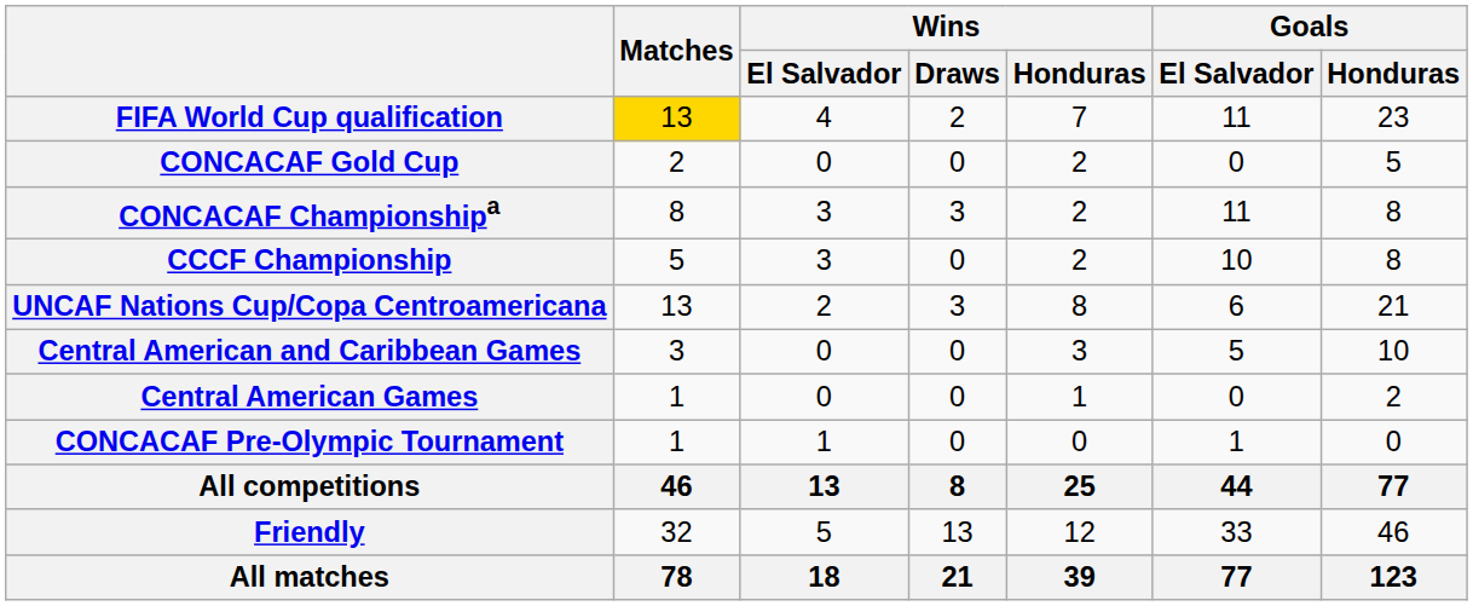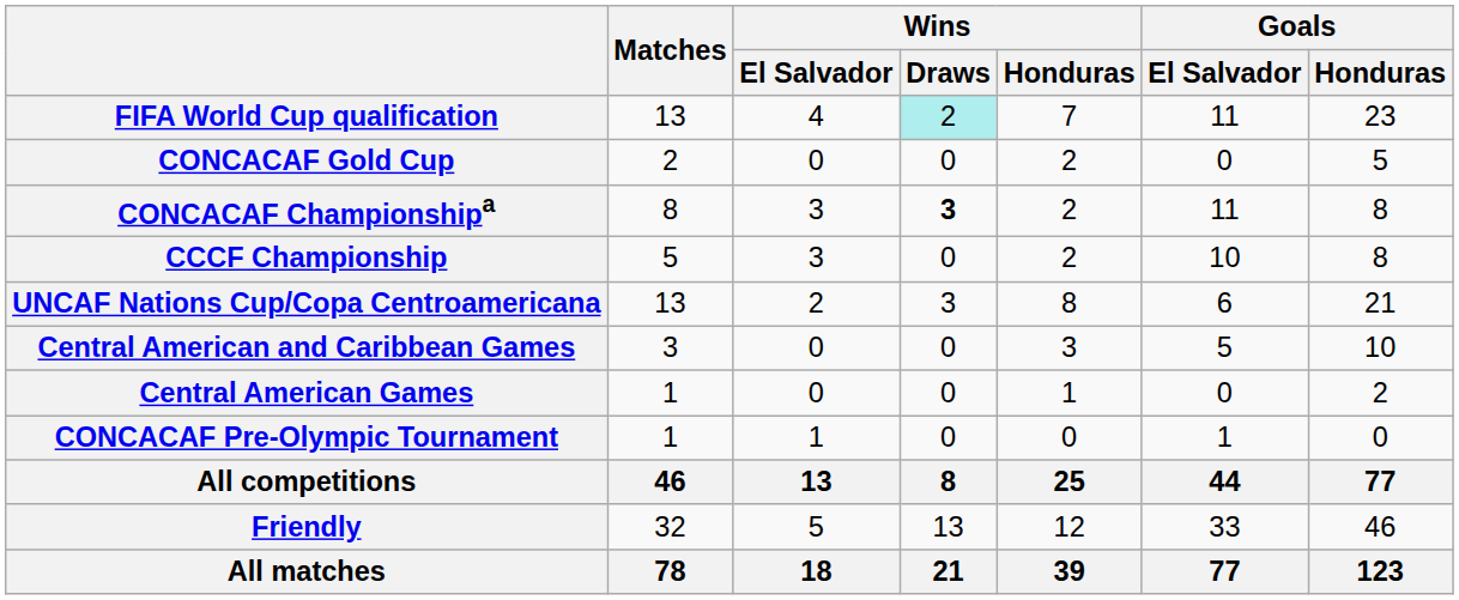 <table class="wikitable" style="text-align:center">
 <tr>
 <th rowspan="2"></th>
 <th rowspan="2">Matches</th>
 <th colspan="3">Wins</th>
 <th colspan="2">Goals</th>
 </tr>
 <tr>
 <th>El Salvador</th>
 <th>Draws</th>
 <th>Honduras</th>
 <th>El Salvador</th>
 <th>Honduras</th>
 </tr>
 <tr>
 <th scope="row"><a href='#'>FIFA World Cup qualification</a></th>
-<td style="background: gold;">13</td>
+<td>13</td>
 <td>4</td>
-<td>2</td>
+<td style="background: paleturquoise;">2</td>
 <td>7</td>
 <td>11</td>
 <td>23</td>
 </tr>
 <tr>
 <th scope="row"><a href='#'>CONCACAF Gold Cup</a></th>
 <td>2</td>
 <td>0</td>
 <td>0</td>
 <td>2</td>
 <td>0</td>
 <td>5</td>
 </tr>
 <tr>
 <th scope="row"><a href='#'>CONCACAF Championship</a><sup>a</sup></th>
 <td>8</td>
 <td>3</td>
-<td>3</td>
+<td><strong>3</strong></td>
 <td>2</td>
 <td>11</td>
 <td>8</td>
 </tr>
 <tr>
 <th scope="row"><a href='#'>CCCF Championship</a></th>
 <td>5</td>
 <td>3</td>
 <td>0</td>
 <td>2</td>
 <td>10</td>
 <td>8</td>
 </tr>
 <tr>
 <th scope="row"><a href='#'>UNCAF Nations Cup/Copa Centroamericana</a></th>
 <td>13</td>
 <td>2</td>
 <td>3</td>
 <td>8</td>
 <td>6</td>
 <td>21</td>
 </tr>
 <tr>
 <th scope="row"><a href='#'>Central American and Caribbean Games</a></th>
 <td>3</td>
 <td>0</td>
 <td>0</td>
 <td>3</td>
 <td>5</td>
 <td>10</td>
 </tr>
 <tr>
 <th scope="row"><a href='#'>Central American Games</a></th>
 <td>1</td>
 <td>0</td>
 <td>0</td>
 <td>1</td>
 <td>0</td>
 <td>2</td>
 </tr>
 <tr>
 <th scope="row"><a href='#'>CONCACAF Pre-Olympic Tournament</a></th>
 <td>1</td>
 <td>1</td>
 <td>0</td>
 <td>0</td>
 <td>1</td>
 <td>0</td>
 </tr>
 <tr>
 <th scope="row">All competitions</th>
 <th>46</th>
 <th>13</th>
 <th>8</th>
 <th>25</th>
 <th>44</th>
 <th>77</th>
 </tr>
 <tr>
 <th scope="row"><a href='#'>Friendly</a></th>
 <td>32</td>
 <td>5</td>
 <td>13</td>
 <td>12</td>
 <td>33</td>
 <td>46</td>
 </tr>
 <tr>
 <th>All matches</th>
 <th>78</th>
 <th>18</th>
 <th>21</th>
 <th>39</th>
 <th>77</th>
 <th>123</th>
 </tr>
 </table>
